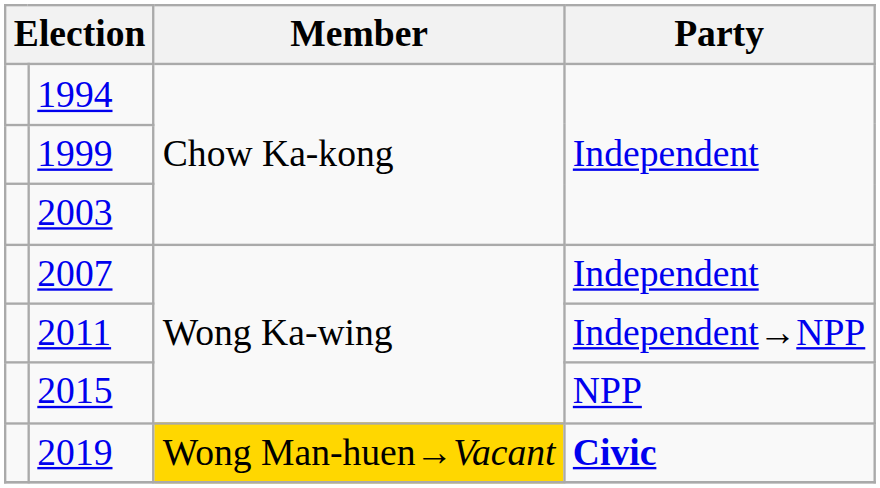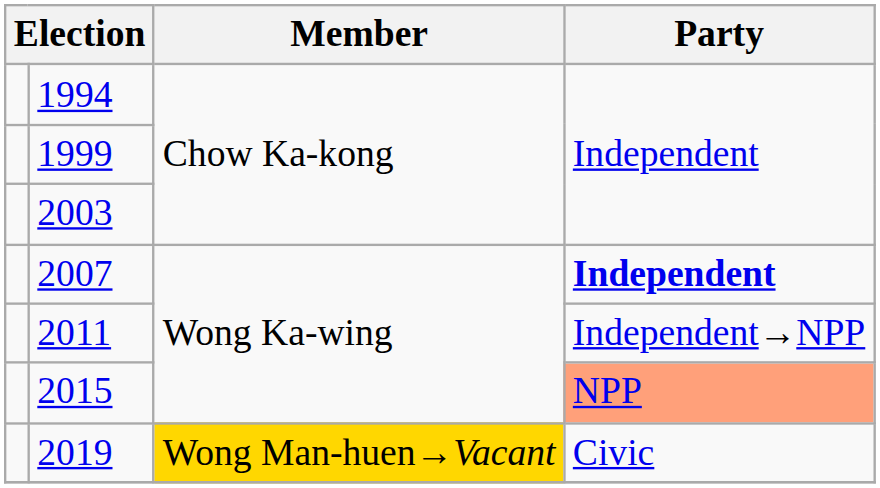 <table class="wikitable">
 <tr>
 <th colspan="2">Election</th>
 <th>Member</th>
 <th>Party</th>
 </tr>
 <tr>
 <td style="background-color: "></td>
 <td><a href='#'>1994</a></td>
 <td rowspan=3>Chow Ka-kong</td>
 <td rowspan=3><a href='#'>Independent</a></td>
 </tr>
 <tr>
 <td style="background-color: "></td>
 <td><a href='#'>1999</a></td>
 </tr>
 <tr>
 <td style="background-color: "></td>
 <td><a href='#'>2003</a></td>
 </tr>
 <tr>
 <td style="background-color: "></td>
 <td><a href='#'>2007</a></td>
 <td rowspan=3>Wong Ka-wing</td>
-<td><a href='#'>Independent</a></td>
+<td><strong><a href='#'>Independent</a></strong></td>
 </tr>
 <tr>
 <td style="background-color: "></td>
 <td><a href='#'>2011</a></td>
 <td><a href='#'>Independent</a>→<a href='#'>NPP</a></td>
 </tr>
 <tr>
 <td style="background-color: "></td>
 <td><a href='#'>2015</a></td>
-<td><a href='#'>NPP</a></td>
+<td style="background: lightsalmon;"><a href='#'>NPP</a></td>
 </tr>
 <tr>
 <td style="background-color: "></td>
 <td><a href='#'>2019</a></td>
 <td style="background: gold;">Wong Man-huen→<em>Vacant</em></td>
-<td><strong><a href='#'>Civic</a></strong></td>
+<td><a href='#'>Civic</a></td>
 </tr>
 <tr>
 </tr>
 </table>
